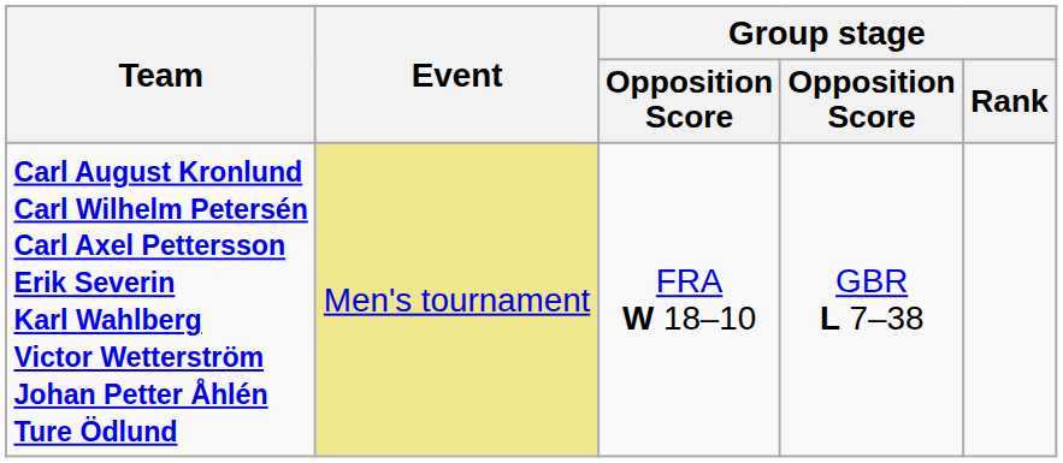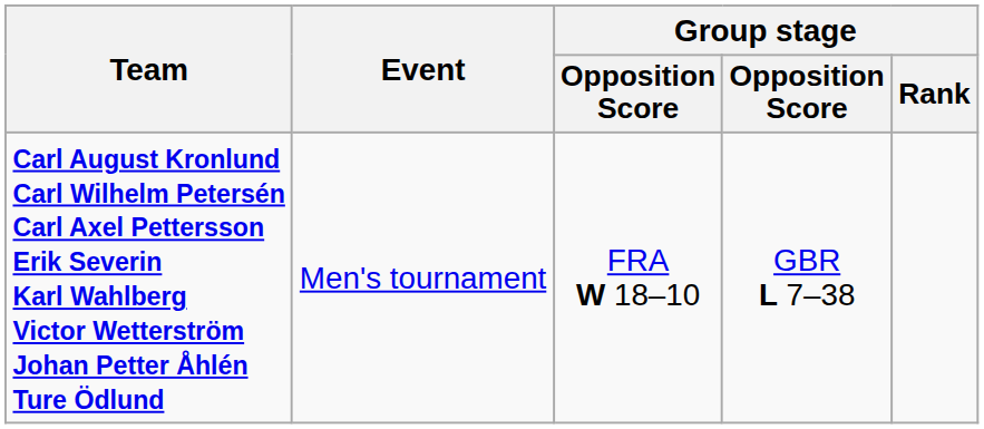 <table class="wikitable" style="font-size:90%">
 <tr>
 <th rowspan=2>Team</th>
 <th rowspan=2>Event</th>
 <th colspan=3>Group stage</th>
 </tr>
 <tr style="font-size:95%">
 <th>Opposition<br>Score</th>
 <th>Opposition<br>Score</th>
 <th>Rank</th>
 </tr>
 <tr align=center>
 <td align=left><strong><small><a href='#'>Carl August Kronlund</a><br><a href='#'>Carl Wilhelm Petersén</a><br><a href='#'>Carl Axel Pettersson</a><br><a href='#'>Erik Severin</a><br><a href='#'>Karl Wahlberg</a><br><a href='#'>Victor Wetterström</a><br><a href='#'>Johan Petter Åhlén</a><br><a href='#'>Ture Ödlund</a></small></strong></td>
-<td align=left style="background: khaki;"><a href='#'>Men's tournament</a></td>
+<td align=left><a href='#'>Men's tournament</a></td>
 <td> <a href='#'>FRA</a><br> <strong>W</strong> 18–10</td>
 <td> <a href='#'>GBR</a><br> <strong>L</strong> 7–38</td>
 <td></td>
 </tr>
 </table>
